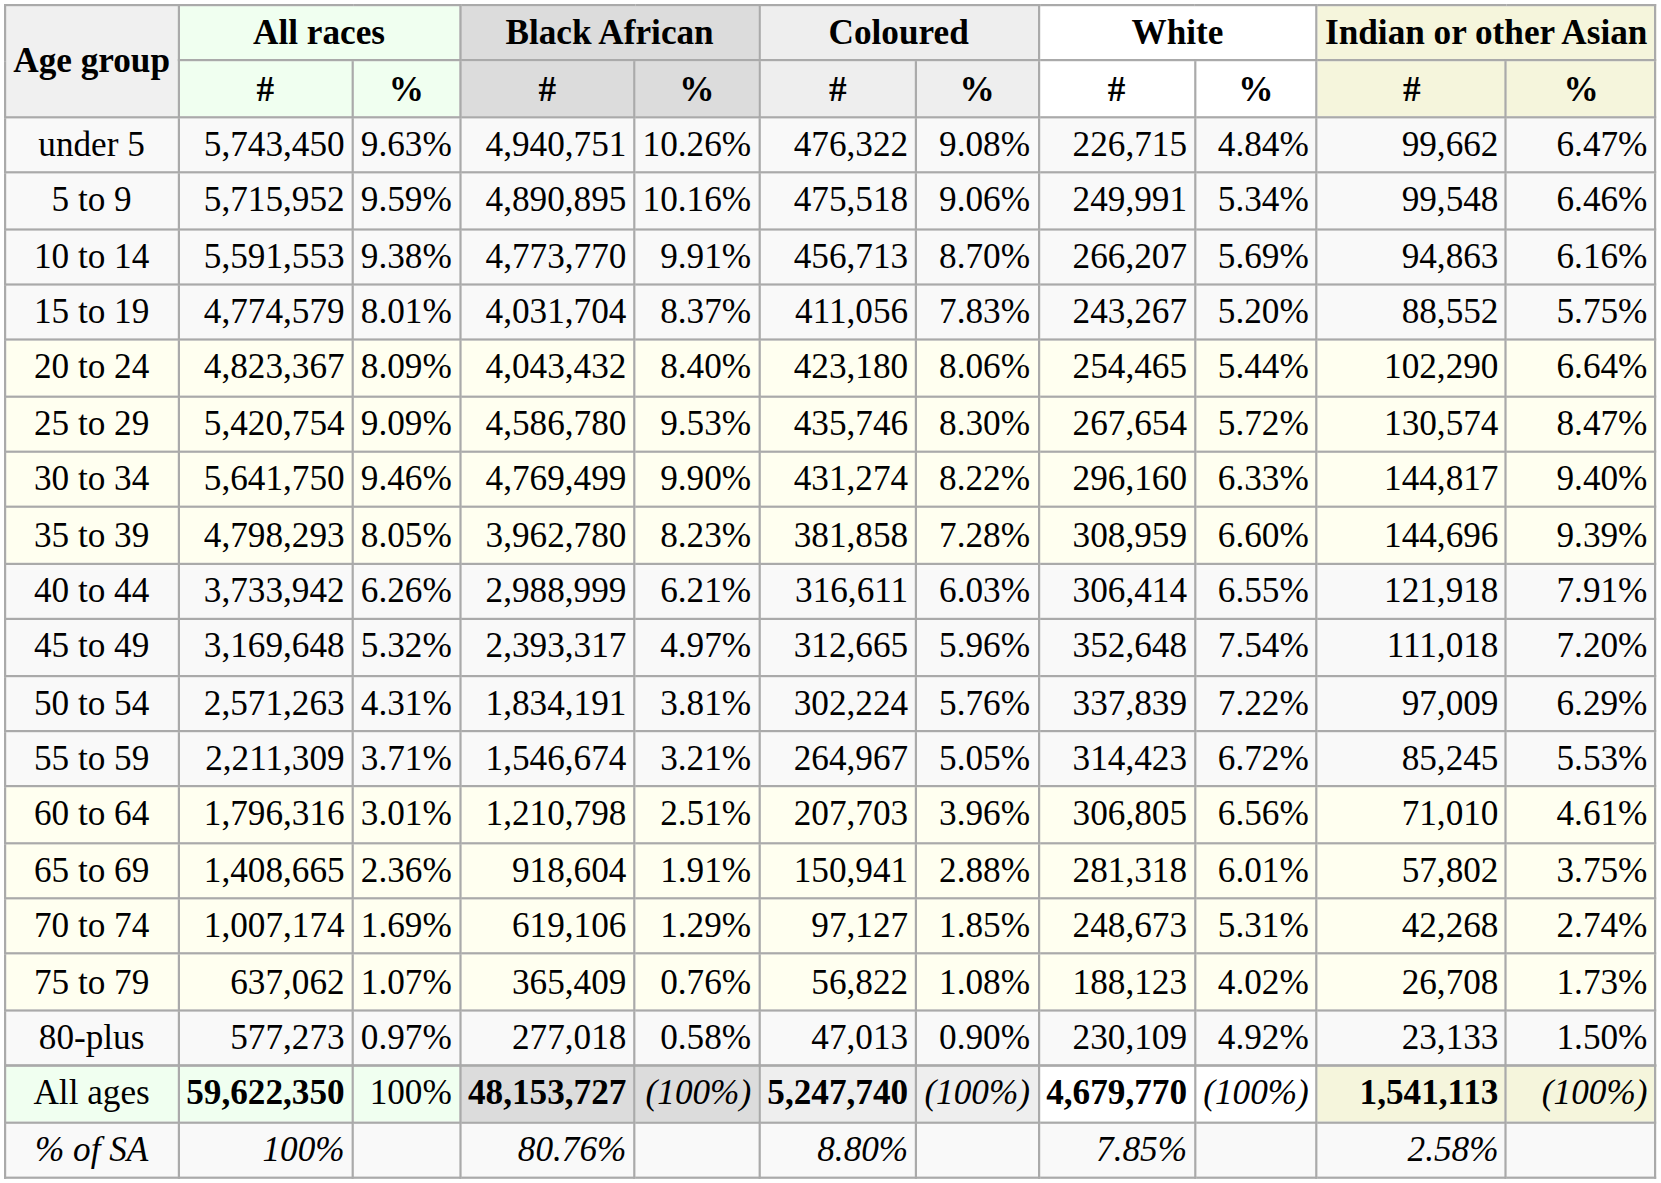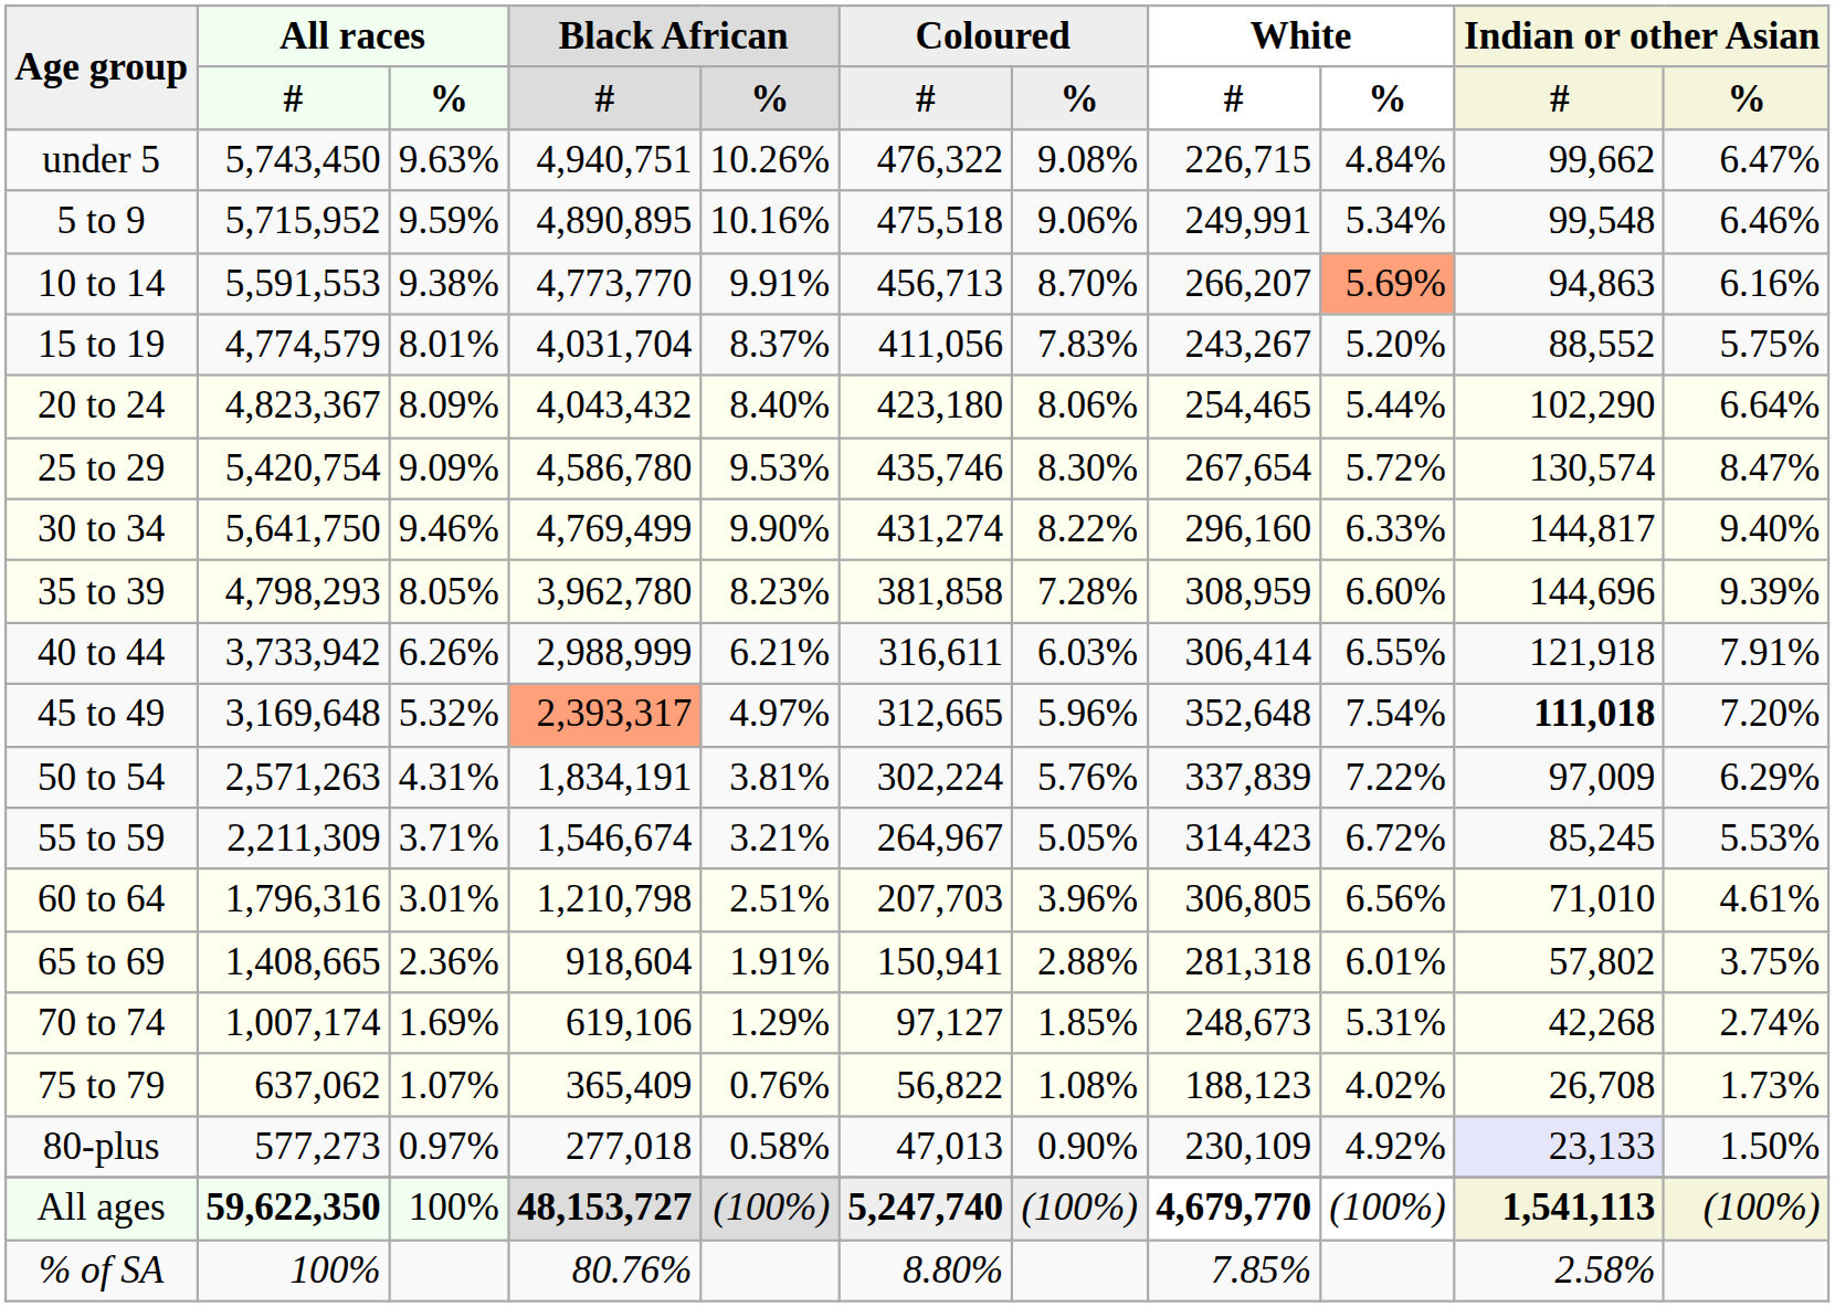 <table class="wikitable" style="text-align:right">
 <tr>
 <th rowspan=2 style="background:#f0f0f0;">Age group</th>
 <th colspan=2 style="background:honeydew;">All races</th>
 <th colspan=2 style="background:gainsboro;">Black African</th>
 <th colspan=2 style="background:#eee;">Coloured</th>
 <th colspan=2 style="background:white;">White</th>
 <th colspan=2 style="background:beige;">Indian or other Asian</th>
 </tr>
 <tr>
 <th style="background:honeydew;">#</th>
 <th style="background:honeydew;">%</th>
 <th style="background:gainsboro;">#</th>
 <th style="background:gainsboro;">%</th>
 <th style="background:#eee;">#</th>
 <th style="background:#eee;">%</th>
 <th style="background:white;">#</th>
 <th style="background:white;">%</th>
 <th style="background:beige;">#</th>
 <th style="background:beige;">%</th>
 </tr>
 <tr>
 <td style="text-align:center">under 5</td>
 <td>5,743,450</td>
 <td>9.63%</td>
 <td>4,940,751</td>
 <td>10.26%</td>
 <td>476,322</td>
 <td>9.08%</td>
 <td>226,715</td>
 <td>4.84%</td>
 <td>99,662</td>
 <td>6.47%</td>
 </tr>
 <tr>
 <td style="text-align:center">5 to 9</td>
 <td>5,715,952</td>
 <td>9.59%</td>
 <td>4,890,895</td>
 <td>10.16%</td>
 <td>475,518</td>
 <td>9.06%</td>
 <td>249,991</td>
 <td>5.34%</td>
 <td>99,548</td>
 <td>6.46%</td>
 </tr>
 <tr>
 <td style="text-align:center">10 to 14</td>
 <td>5,591,553</td>
 <td>9.38%</td>
 <td>4,773,770</td>
 <td>9.91%</td>
 <td>456,713</td>
 <td>8.70%</td>
 <td>266,207</td>
-<td>5.69%</td>
+<td style="background: lightsalmon;">5.69%</td>
 <td>94,863</td>
 <td>6.16%</td>
 </tr>
 <tr>
 <td style="text-align:center">15 to 19</td>
 <td>4,774,579</td>
 <td>8.01%</td>
 <td>4,031,704</td>
 <td>8.37%</td>
 <td>411,056</td>
 <td>7.83%</td>
 <td>243,267</td>
 <td>5.20%</td>
 <td>88,552</td>
 <td>5.75%</td>
 </tr>
 <tr style="background:ivory">
 <td style="text-align:center">20 to 24</td>
 <td>4,823,367</td>
 <td>8.09%</td>
 <td>4,043,432</td>
 <td>8.40%</td>
 <td>423,180</td>
 <td>8.06%</td>
 <td>254,465</td>
 <td>5.44%</td>
 <td>102,290</td>
 <td>6.64%</td>
 </tr>
 <tr style="background:ivory">
 <td style="text-align:center">25 to 29</td>
 <td>5,420,754</td>
 <td>9.09%</td>
 <td>4,586,780</td>
 <td>9.53%</td>
 <td>435,746</td>
 <td>8.30%</td>
 <td>267,654</td>
 <td>5.72%</td>
 <td>130,574</td>
 <td>8.47%</td>
 </tr>
 <tr style="background:ivory">
 <td style="text-align:center">30 to 34</td>
 <td>5,641,750</td>
 <td>9.46%</td>
 <td>4,769,499</td>
 <td>9.90%</td>
 <td>431,274</td>
 <td>8.22%</td>
 <td>296,160</td>
 <td>6.33%</td>
 <td>144,817</td>
 <td>9.40%</td>
 </tr>
 <tr style="background:ivory">
 <td style="text-align:center">35 to 39</td>
 <td>4,798,293</td>
 <td>8.05%</td>
 <td>3,962,780</td>
 <td>8.23%</td>
 <td>381,858</td>
 <td>7.28%</td>
 <td>308,959</td>
 <td>6.60%</td>
 <td>144,696</td>
 <td>9.39%</td>
 </tr>
 <tr>
 <td style="text-align:center">40 to 44</td>
 <td>3,733,942</td>
 <td>6.26%</td>
 <td>2,988,999</td>
 <td>6.21%</td>
 <td>316,611</td>
 <td>6.03%</td>
 <td>306,414</td>
 <td>6.55%</td>
 <td>121,918</td>
 <td>7.91%</td>
 </tr>
 <tr>
 <td style="text-align:center">45 to 49</td>
 <td>3,169,648</td>
 <td>5.32%</td>
-<td>2,393,317</td>
+<td style="background: lightsalmon;">2,393,317</td>
 <td>4.97%</td>
 <td>312,665</td>
 <td>5.96%</td>
 <td>352,648</td>
 <td>7.54%</td>
-<td>111,018</td>
+<td><strong>111,018</strong></td>
 <td>7.20%</td>
 </tr>
 <tr>
 <td style="text-align:center">50 to 54</td>
 <td>2,571,263</td>
 <td>4.31%</td>
 <td>1,834,191</td>
 <td>3.81%</td>
 <td>302,224</td>
 <td>5.76%</td>
 <td>337,839</td>
 <td>7.22%</td>
 <td>97,009</td>
 <td>6.29%</td>
 </tr>
 <tr>
 <td style="text-align:center">55 to 59</td>
 <td>2,211,309</td>
 <td>3.71%</td>
 <td>1,546,674</td>
 <td>3.21%</td>
 <td>264,967</td>
 <td>5.05%</td>
 <td>314,423</td>
 <td>6.72%</td>
 <td>85,245</td>
 <td>5.53%</td>
 </tr>
 <tr style="background:ivory">
 <td style="text-align:center">60 to 64</td>
 <td>1,796,316</td>
 <td>3.01%</td>
 <td>1,210,798</td>
 <td>2.51%</td>
 <td>207,703</td>
 <td>3.96%</td>
 <td>306,805</td>
 <td>6.56%</td>
 <td>71,010</td>
 <td>4.61%</td>
 </tr>
 <tr style="background:ivory">
 <td style="text-align:center">65 to 69</td>
 <td>1,408,665</td>
 <td>2.36%</td>
 <td>918,604</td>
 <td>1.91%</td>
 <td>150,941</td>
 <td>2.88%</td>
 <td>281,318</td>
 <td>6.01%</td>
 <td>57,802</td>
 <td>3.75%</td>
 </tr>
 <tr style="background:ivory">
 <td style="text-align:center">70 to 74</td>
 <td>1,007,174</td>
 <td>1.69%</td>
 <td>619,106</td>
 <td>1.29%</td>
 <td>97,127</td>
 <td>1.85%</td>
 <td>248,673</td>
 <td>5.31%</td>
 <td>42,268</td>
 <td>2.74%</td>
 </tr>
 <tr style="background:ivory">
 <td style="text-align:center">75 to 79</td>
 <td>637,062</td>
 <td>1.07%</td>
 <td>365,409</td>
 <td>0.76%</td>
 <td>56,822</td>
 <td>1.08%</td>
 <td>188,123</td>
 <td>4.02%</td>
 <td>26,708</td>
 <td>1.73%</td>
 </tr>
 <tr>
 <td style="text-align:center">80-plus</td>
 <td>577,273</td>
 <td>0.97%</td>
 <td>277,018</td>
 <td>0.58%</td>
 <td>47,013</td>
 <td>0.90%</td>
 <td>230,109</td>
 <td>4.92%</td>
-<td>23,133</td>
+<td style="background: lavender;">23,133</td>
 <td>1.50%</td>
 </tr>
 <tr>
 </tr>
 <tr style="background:honeydew">
 <td style="text-align:center">All ages</td>
 <td><strong>59,622,350</strong></td>
 <td>100%</td>
 <td style="background:gainsboro;"><strong>48,153,727</strong></td>
 <td style="background:gainsboro;"><em>(100%)</em></td>
 <td style="background:#eee;"><strong>5,247,740</strong></td>
 <td style="background:#eee;"><em>(100%)</em></td>
 <td style="background:white;"><strong>4,679,770</strong></td>
 <td style="background:white;"><em>(100%)</em></td>
 <td style="background:beige;"><strong>1,541,113</strong></td>
 <td style="background:beige;"><em>(100%)</em></td>
 </tr>
 <tr>
 <td style="text-align:center"><em>% of SA</em></td>
 <td><em>100%</em></td>
 <td></td>
 <td><em>80.76%</em></td>
 <td></td>
 <td><em>8.80%</em></td>
 <td></td>
 <td><em>7.85%</em></td>
 <td></td>
 <td><em>2.58%</em></td>
 <td></td>
 </tr>
 </table>
